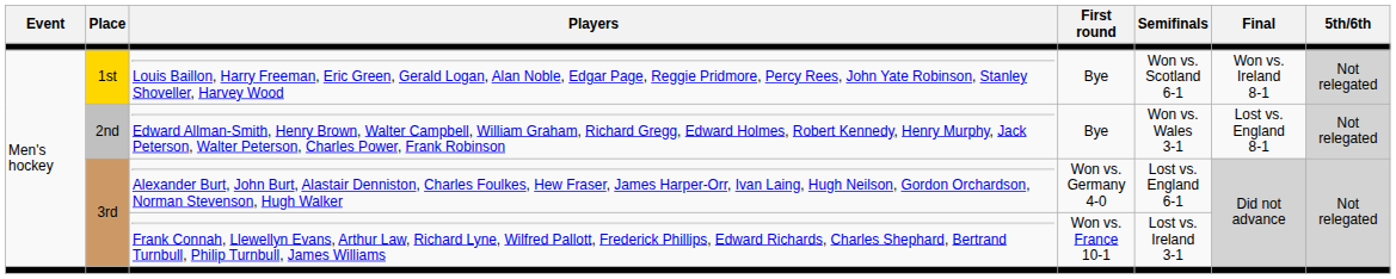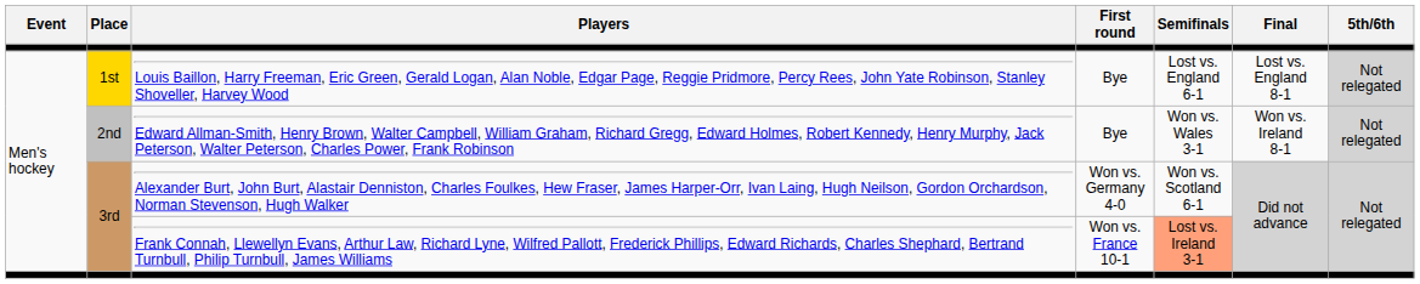 <table class=wikitable>
 <tr>
 <th>Event</th>
 <th>Place</th>
 <th>Players</th>
 <th>First round</th>
 <th>Semifinals</th>
 <th>Final</th>
 <th>5th/6th</th>
 </tr>
 <tr bgcolor=black>
 <td></td>
 <td></td>
 <td></td>
 <td></td>
 <td></td>
 <td></td>
 <td></td>
 </tr>
 <tr align=center>
 <td rowspan=4 align=left>Men's hockey</td>
 <td bgcolor=gold>1st</td>
 <td align=left> <hr> <a href='#'>Louis Baillon</a>, <a href='#'>Harry Freeman</a>, <a href='#'>Eric Green</a>, <a href='#'>Gerald Logan</a>, <a href='#'>Alan Noble</a>, <a href='#'>Edgar Page</a>, <a href='#'>Reggie Pridmore</a>, <a href='#'>Percy Rees</a>, <a href='#'>John Yate Robinson</a>, <a href='#'>Stanley Shoveller</a>, <a href='#'>Harvey Wood</a></td>
 <td>Bye</td>
-<td>Won vs. <br> Scotland <br> 6-1</td>
-<td>Won vs. <br> Ireland <br> 8-1</td>
+<td>Lost vs. <br> England <br> 6-1</td>
+<td>Lost vs. <br> England <br> 8-1</td>
 <td bgcolor=lightgray>Not relegated</td>
 </tr>
 <tr align=center>
 <td bgcolor=silver>2nd</td>
 <td align=left> <hr> <a href='#'>Edward Allman-Smith</a>, <a href='#'>Henry Brown</a>, <a href='#'>Walter Campbell</a>, <a href='#'>William Graham</a>, <a href='#'>Richard Gregg</a>, <a href='#'>Edward Holmes</a>, <a href='#'>Robert Kennedy</a>, <a href='#'>Henry Murphy</a>, <a href='#'>Jack Peterson</a>, <a href='#'>Walter Peterson</a>, <a href='#'>Charles Power</a>, <a href='#'>Frank Robinson</a></td>
 <td>Bye</td>
 <td>Won vs. <br> Wales <br> 3-1</td>
-<td>Lost vs. <br> England <br> 8-1</td>
+<td>Won vs. <br> Ireland <br> 8-1</td>
 <td bgcolor=lightgray>Not relegated</td>
 </tr>
 <tr align=center>
 <td rowspan=2 bgcolor=cc9966>3rd</td>
 <td align=left> <hr> <a href='#'>Alexander Burt</a>, <a href='#'>John Burt</a>, <a href='#'>Alastair Denniston</a>, <a href='#'>Charles Foulkes</a>, <a href='#'>Hew Fraser</a>, <a href='#'>James Harper-Orr</a>, <a href='#'>Ivan Laing</a>, <a href='#'>Hugh Neilson</a>, <a href='#'>Gordon Orchardson</a>, <a href='#'>Norman Stevenson</a>, <a href='#'>Hugh Walker</a></td>
 <td>Won vs. <br> Germany <br> 4-0</td>
-<td>Lost vs. <br> England <br> 6-1</td>
+<td>Won vs. <br> Scotland <br> 6-1</td>
 <td rowspan=2 bgcolor=lightgray>Did not advance</td>
 <td rowspan=2 bgcolor=lightgray>Not relegated</td>
 </tr>
 <tr align=center>
 <td align=left> <hr> <a href='#'>Frank Connah</a>, <a href='#'>Llewellyn Evans</a>, <a href='#'>Arthur Law</a>, <a href='#'>Richard Lyne</a>, <a href='#'>Wilfred Pallott</a>, <a href='#'>Frederick Phillips</a>, <a href='#'>Edward Richards</a>, <a href='#'>Charles Shephard</a>, <a href='#'>Bertrand Turnbull</a>, <a href='#'>Philip Turnbull</a>, <a href='#'>James Williams</a></td>
 <td>Won vs. <br> <a href='#'>France</a> <br> 10-1</td>
-<td>Lost vs. <br> Ireland <br> 3-1</td>
+<td style="background: lightsalmon;">Lost vs. <br> Ireland <br> 3-1</td>
 </tr>
 <tr bgcolor=black>
 <td></td>
 <td></td>
 <td></td>
 <td></td>
 <td></td>
 <td></td>
 <td></td>
 </tr>
 </table>
